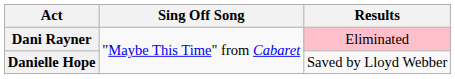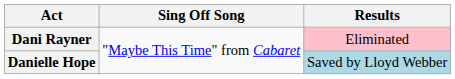 <table class="wikitable plainrowheaders" style="text-align:center;">
 <tr>
 <th scope="col">Act</th>
 <th scope="col">Sing Off Song</th>
 <th scope="col">Results</th>
 </tr>
 <tr>
 <th scope="row">Dani Rayner</th>
 <td rowspan="2">"<a href='#'>Maybe This Time</a>" from <em><a href='#'>Cabaret</a></em></td>
 <td style="background:pink;">Eliminated</td>
 </tr>
 <tr>
 <th scope="row">Danielle Hope</th>
-<td>Saved by Lloyd Webber</td>
+<td style="background: lightblue;">Saved by Lloyd Webber</td>
 </tr>
 </table>
